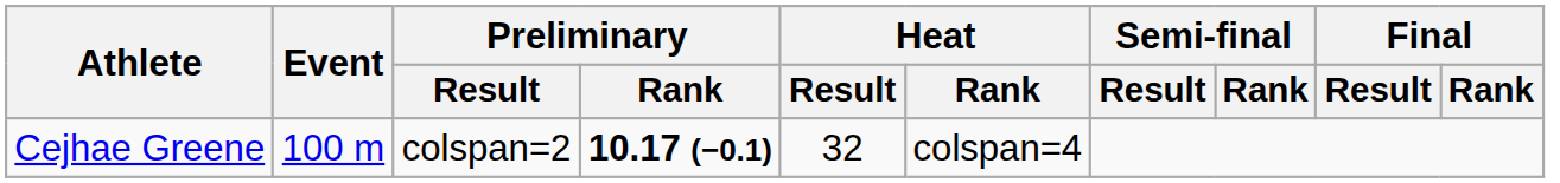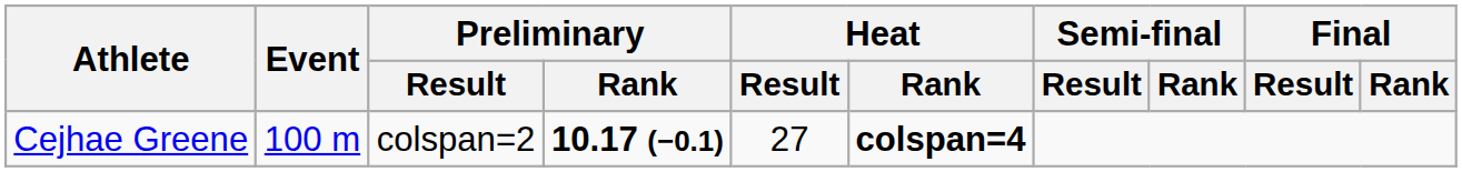 <table class=wikitable style=font-size:90%>
 <tr>
 <th rowspan=2>Athlete</th>
 <th rowspan=2>Event</th>
 <th colspan=2>Preliminary</th>
 <th colspan=2>Heat</th>
 <th colspan=2>Semi-final</th>
 <th colspan=2>Final</th>
 </tr>
 <tr style=font-size:95%>
 <th>Result</th>
 <th>Rank</th>
 <th>Result</th>
 <th>Rank</th>
 <th>Result</th>
 <th>Rank</th>
 <th>Result</th>
 <th>Rank</th>
 </tr>
 <tr align=center>
 <td align=left><a href='#'>Cejhae Greene</a></td>
 <td align=left><a href='#'>100 m</a></td>
 <td>colspan=2</td>
 <td><strong>10.17 <small>(−0.1)</small></strong></td>
-<td>32</td>
-<td>colspan=4 </td>
+<td>27</td>
+<td><strong>colspan=4 </strong></td>
 </tr>
 </table>
